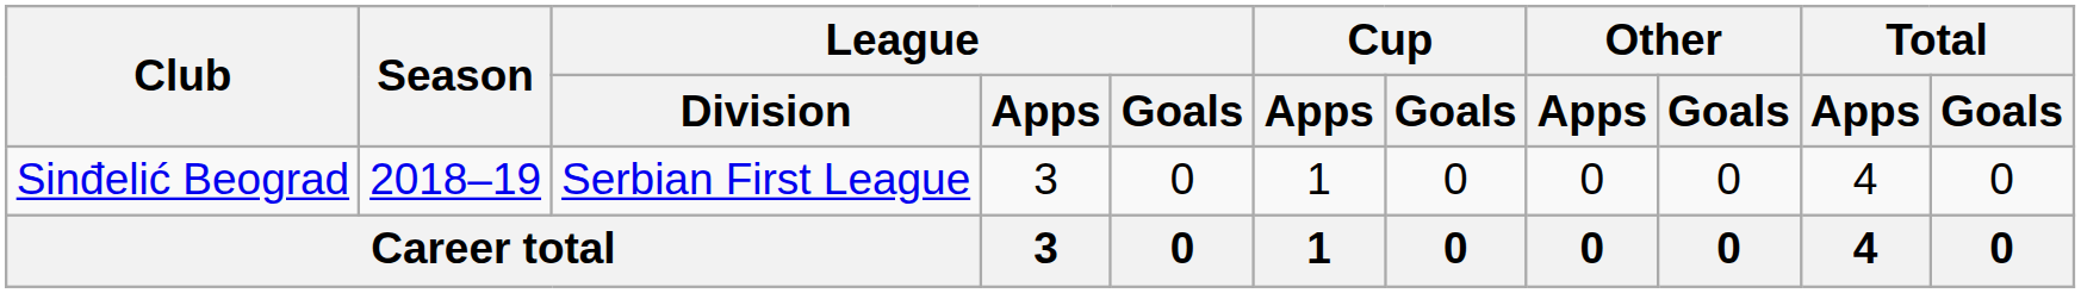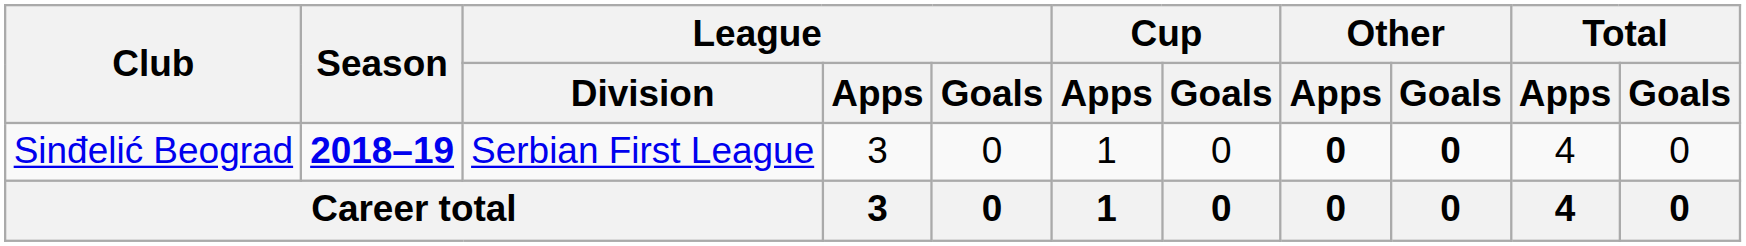 <table class=wikitable style=text-align:center>
 <tr>
 <th rowspan="2">Club</th>
 <th rowspan="2">Season</th>
 <th colspan="3">League</th>
 <th colspan="2">Cup</th>
 <th colspan="2">Other</th>
 <th colspan="2">Total</th>
 </tr>
 <tr>
 <th>Division</th>
 <th>Apps</th>
 <th>Goals</th>
 <th>Apps</th>
 <th>Goals</th>
 <th>Apps</th>
 <th>Goals</th>
 <th>Apps</th>
 <th>Goals</th>
 </tr>
 <tr>
 <td><a href='#'>Sinđelić Beograd</a></td>
-<td><a href='#'>2018–19</a></td>
+<td><strong><a href='#'>2018–19</a></strong></td>
 <td><a href='#'>Serbian First League</a></td>
 <td>3</td>
 <td>0</td>
 <td>1</td>
 <td>0</td>
-<td>0</td>
-<td>0</td>
+<td><strong>0</strong></td>
+<td><strong>0</strong></td>
 <td>4</td>
 <td>0</td>
 </tr>
 <tr>
 <th colspan=3>Career total</th>
 <th>3</th>
 <th>0</th>
 <th>1</th>
 <th>0</th>
 <th>0</th>
 <th>0</th>
 <th>4</th>
 <th>0</th>
 </tr>
 </table>
